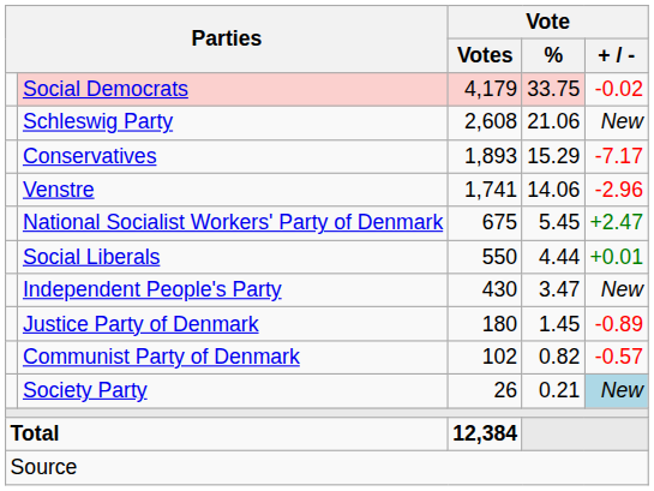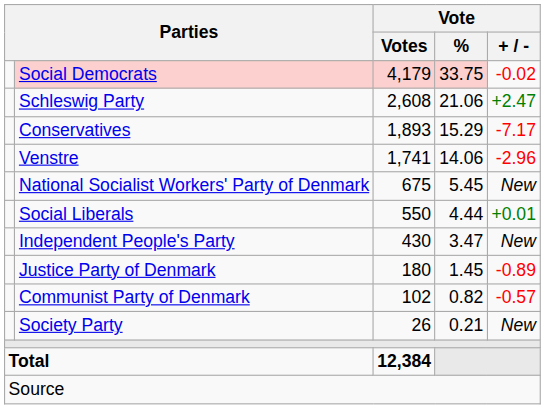 <table class="wikitable" style="text-align:right;">
 <tr>
 <th style="text-align:centre;" rowspan="2" colspan="2" width="225">Parties</th>
 <th colspan="3">Vote</th>
 </tr>
 <tr>
 <th width="15">Votes</th>
 <th width="15">%</th>
 <th width="15">+ / -</th>
 </tr>
 <tr>
 <td width="2" style="color:inherit;background:"></td>
 <td bgcolor=#fbd0ce  align="left"><a href='#'>Social Democrats</a></td>
 <td bgcolor=#fbd0ce>4,179</td>
 <td bgcolor=#fbd0ce>33.75</td>
 <td style=color:red;>-0.02</td>
 </tr>
 <tr>
 <td width="2" style="color:inherit;background:"></td>
 <td align="left"><a href='#'>Schleswig Party</a></td>
 <td>2,608</td>
 <td>21.06</td>
-<td><em>New</em></td>
+<td style=color:green;>+2.47</td>
 </tr>
 <tr>
 <td width="2" style="color:inherit;background:"></td>
 <td align="left"><a href='#'>Conservatives</a></td>
 <td>1,893</td>
 <td>15.29</td>
 <td style=color:red;>-7.17</td>
 </tr>
 <tr>
 <td width="2" style="color:inherit;background:"></td>
 <td align="left"><a href='#'>Venstre</a></td>
 <td>1,741</td>
 <td>14.06</td>
 <td style=color:red;>-2.96</td>
 </tr>
 <tr>
 <td width="2" style="color:inherit;background:"></td>
 <td align="left"><a href='#'>National Socialist Workers' Party of Denmark</a></td>
 <td>675</td>
 <td>5.45</td>
-<td style=color:green;>+2.47</td>
+<td><em>New</em></td>
 </tr>
 <tr>
 <td width="2" style="color:inherit;background:"></td>
 <td align="left"><a href='#'>Social Liberals</a></td>
 <td>550</td>
 <td>4.44</td>
 <td style=color:green;>+0.01</td>
 </tr>
 <tr>
 <td width="2" style="color:inherit;background:"></td>
 <td align="left"><a href='#'>Independent People's Party</a></td>
 <td>430</td>
 <td>3.47</td>
 <td><em>New</em></td>
 </tr>
 <tr>
 <td width="2" style="color:inherit;background:"></td>
 <td align="left"><a href='#'>Justice Party of Denmark</a></td>
 <td>180</td>
 <td>1.45</td>
 <td style=color:red;>-0.89</td>
 </tr>
 <tr>
 <td width="2" style="color:inherit;background:"></td>
 <td align="left"><a href='#'>Communist Party of Denmark</a></td>
 <td>102</td>
 <td>0.82</td>
 <td style=color:red;>-0.57</td>
 </tr>
 <tr>
 <td width="2" style="color:inherit;background:"></td>
 <td align="left"><a href='#'>Society Party</a></td>
 <td>26</td>
 <td>0.21</td>
-<td style="background: lightblue;"><em>New</em></td>
+<td><em>New</em></td>
 </tr>
 <tr>
 <td colspan="7" bgcolor="#E9E9E9"></td>
 </tr>
 <tr>
 <td align="left" colspan="2"><strong>Total</strong></td>
 <td><strong>12,384</strong></td>
 <td bgcolor="#E9E9E9" colspan="2"></td>
 </tr>
 <tr>
 <td align="left" colspan="6">Source</td>
 </tr>
 </table>
